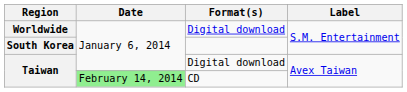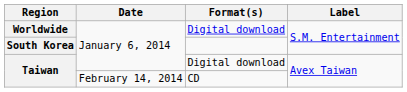 <table class="wikitable plainrowheaders">
 <tr>
 <th scope="col">Region</th>
 <th scope="col">Date</th>
 <th scope="col">Format(s)</th>
 <th scope="col">Label</th>
 </tr>
 <tr>
 <th scope="row">Worldwide</th>
 <td rowspan="3">January 6, 2014</td>
 <td><a href='#'>Digital download</a></td>
 <td rowspan="2"><a href='#'>S.M. Entertainment</a></td>
 </tr>
 <tr>
 <th scope="row">South Korea</th>
 <td></td>
 </tr>
 <tr>
 <th scope="row" rowspan="2">Taiwan</th>
 <td>Digital download</td>
 <td rowspan="2"><a href='#'>Avex Taiwan</a></td>
 </tr>
 <tr>
-<td style="background: lightgreen;">February 14, 2014</td>
+<td>February 14, 2014</td>
 <td>CD</td>
 </tr>
 </table>
